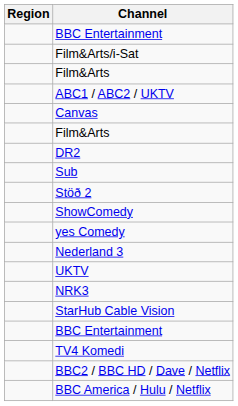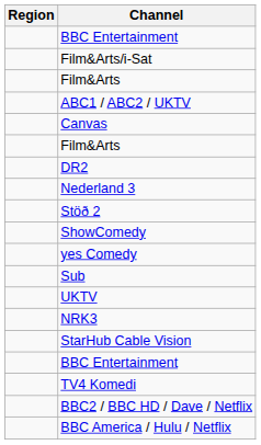 <table class="wikitable" border="1">
 <tr>
 <th>Region</th>
 <th>Channel</th>
 </tr>
 <tr>
 <td></td>
 <td><a href='#'>BBC Entertainment</a></td>
 </tr>
 <tr>
 <td></td>
 <td>Film&Arts/i-Sat</td>
 </tr>
 <tr>
 <td></td>
 <td>Film&Arts</td>
 </tr>
 <tr>
 <td></td>
 <td><a href='#'>ABC1</a> / <a href='#'>ABC2</a> / <a href='#'>UKTV</a></td>
 </tr>
 <tr>
 <td></td>
 <td><a href='#'>Canvas</a></td>
 </tr>
 <tr>
 <td></td>
 <td>Film&Arts</td>
 </tr>
 <tr>
 <td></td>
 <td><a href='#'>DR2</a></td>
 </tr>
 <tr>
 <td></td>
-<td><a href='#'>Sub</a></td>
+<td><a href='#'>Nederland 3</a></td>
 </tr>
 <tr>
 <td></td>
 <td><a href='#'>Stöð 2</a></td>
 </tr>
 <tr>
 <td></td>
 <td><a href='#'>ShowComedy</a></td>
 </tr>
 <tr>
 <td></td>
 <td><a href='#'>yes Comedy</a></td>
 </tr>
 <tr>
 <td></td>
-<td><a href='#'>Nederland 3</a></td>
+<td><a href='#'>Sub</a></td>
 </tr>
 <tr>
 <td></td>
 <td><a href='#'>UKTV</a></td>
 </tr>
 <tr>
 <td></td>
 <td><a href='#'>NRK3</a></td>
 </tr>
 <tr>
 <td></td>
 <td><a href='#'>StarHub Cable Vision</a></td>
 </tr>
 <tr>
 <td></td>
 <td><a href='#'>BBC Entertainment</a></td>
 </tr>
 <tr>
 <td></td>
 <td><a href='#'>TV4 Komedi</a></td>
 </tr>
 <tr>
 <td></td>
 <td><a href='#'>BBC2</a> / <a href='#'>BBC HD</a> / <a href='#'>Dave</a> / <a href='#'>Netflix</a></td>
 </tr>
 <tr>
 <td></td>
 <td><a href='#'>BBC America</a> / <a href='#'>Hulu</a> / <a href='#'>Netflix</a></td>
 </tr>
 </table>
